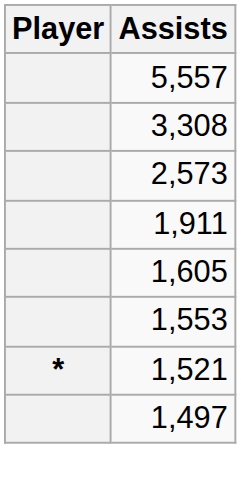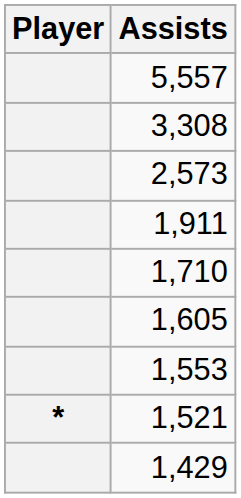 <table class="wikitable sortable">
 <tr>
 <th scope="col">Player</th>
 <th scope="col">Assists</th>
 </tr>
 <tr>
 <th scope="row"></th>
 <td style="text-align:right">5,557</td>
 </tr>
 <tr>
 <th scope="row"></th>
 <td style="text-align:right">3,308</td>
 </tr>
 <tr>
 <th scope="row"></th>
 <td style="text-align:right">2,573</td>
 </tr>
 <tr>
 <th scope="row"></th>
 <td style="text-align:right">1,911</td>
 </tr>
 <tr>
+<th scope="row"><em></em></th>
+<td style="text-align:right">1,710</td>
+</tr>
+<tr>
 <th scope="row"></th>
 <td style="text-align:right">1,605</td>
 </tr>
 <tr>
 <th scope="row"></th>
 <td style="text-align:right">1,553</td>
 </tr>
 <tr>
 <th scope="row">*</th>
 <td style="text-align:right">1,521</td>
 </tr>
 <tr>
 <th scope="row"></th>
-<td style="text-align:right">1,497</td>
+<td style="text-align:right">1,429</td>
 </tr>
 </table>
